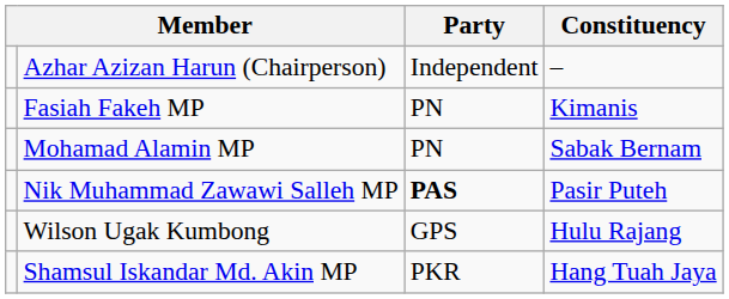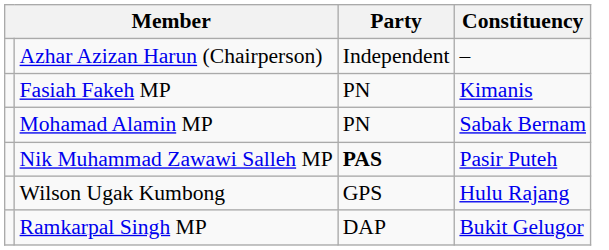 <table class="wikitable sortable">
 <tr>
 <th colspan="2">Member</th>
 <th>Party</th>
 <th>Constituency</th>
 </tr>
 <tr>
 <td></td>
 <td><a href='#'>Azhar Azizan Harun</a> (Chairperson)</td>
 <td>Independent</td>
 <td>–</td>
 </tr>
 <tr>
 <td></td>
 <td><a href='#'>Fasiah Fakeh</a> MP</td>
 <td>PN</td>
 <td><a href='#'>Kimanis</a></td>
 </tr>
 <tr>
 <td></td>
 <td><a href='#'>Mohamad Alamin</a> MP</td>
 <td>PN</td>
 <td><a href='#'>Sabak Bernam</a></td>
 </tr>
 <tr>
 <td></td>
 <td><a href='#'>Nik Muhammad Zawawi Salleh</a> MP</td>
 <td><strong>PAS</strong></td>
 <td><a href='#'>Pasir Puteh</a></td>
 </tr>
 <tr>
 <td></td>
 <td>Wilson Ugak Kumbong</td>
 <td>GPS</td>
 <td><a href='#'>Hulu Rajang</a></td>
 </tr>
 <tr>
 <td></td>
-<td><a href='#'>Shamsul Iskandar Md. Akin</a> MP</td>
-<td>PKR</td>
-<td><a href='#'>Hang Tuah Jaya</a></td>
+<td><a href='#'>Ramkarpal Singh</a> MP</td>
+<td>DAP</td>
+<td><a href='#'>Bukit Gelugor</a></td>
 </tr>
 </table>
